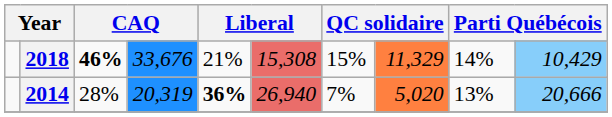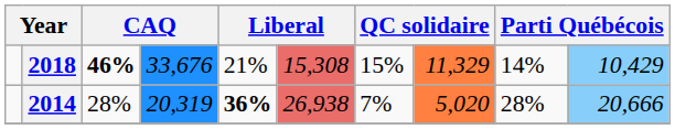 <table class="wikitable" style="width:400; font-size:90%;">
 <tr>
 <th colspan="2" scope="col">Year</th>
 <th colspan="2" scope="col"><a href='#'>CAQ</a></th>
 <th colspan="2" scope="col"><a href='#'>Liberal</a></th>
 <th colspan="2" scope="col"><a href='#'>QC solidaire</a></th>
 <th colspan="2" scope="col"><a href='#'>Parti Québécois</a></th>
 </tr>
 <tr>
 <td style="width: 0.25em; background-color: "></td>
 <th><a href='#'>2018</a></th>
 <td><strong>46%</strong></td>
 <td style="text-align:right; background:#1E90FF;"><em>33,676</em></td>
 <td>21%</td>
 <td style="text-align:right; background:#EA6D6A;"><em>15,308</em></td>
 <td>15%</td>
 <td style="text-align:right; background:#FF8040;"><em>11,329</em></td>
 <td>14%</td>
 <td style="text-align:right; background:#87CEFA;"><em>10,429</em></td>
 </tr>
 <tr>
 <td style="width: 0.25em; background-color: "></td>
 <th><a href='#'>2014</a></th>
 <td>28%</td>
 <td style="text-align:right; background:#1E90FF;"><em>20,319</em></td>
 <td><strong>36%</strong></td>
-<td style="text-align:right; background:#EA6D6A;"><em>26,940</em></td>
+<td style="text-align:right; background:#EA6D6A;"><em>26,938</em></td>
 <td>7%</td>
 <td style="text-align:right; background:#FF8040;"><em>5,020</em></td>
-<td>13%</td>
+<td>28%</td>
 <td style="text-align:right; background:#87CEFA;"><em>20,666</em></td>
 </tr>
 <tr>
 </tr>
 </table>
